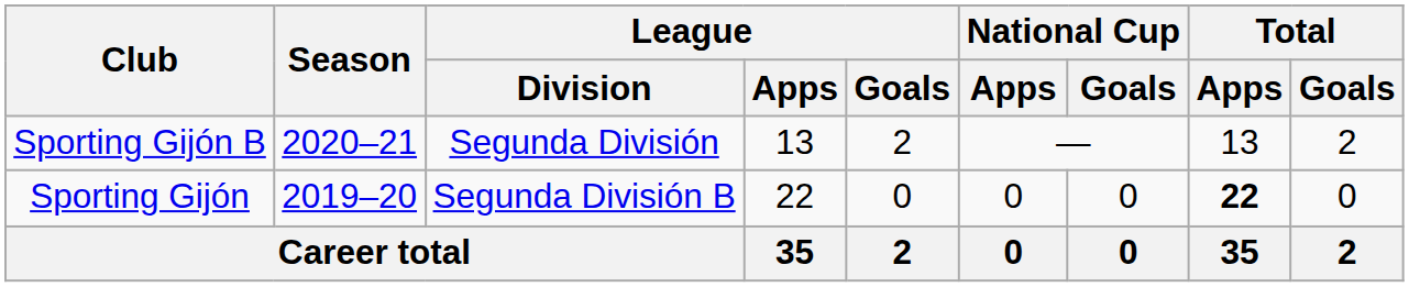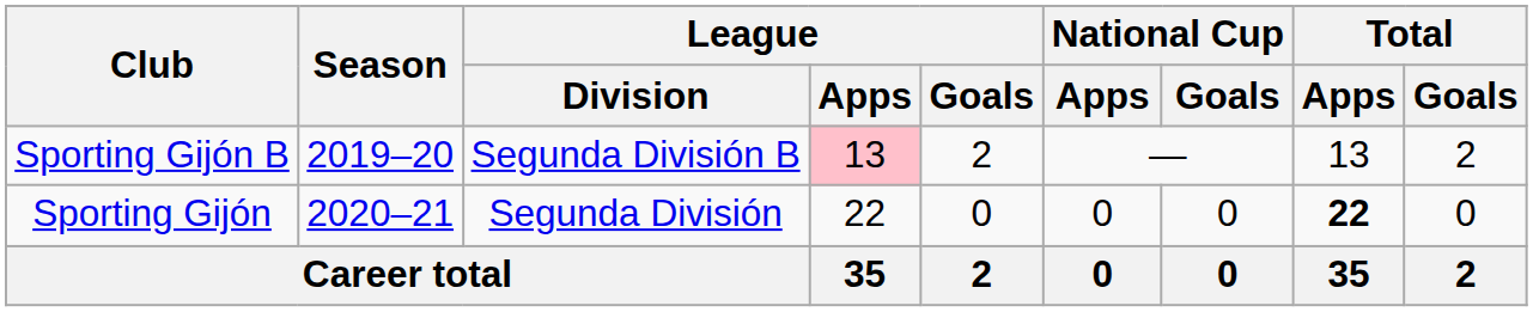 <table class="wikitable" style="text-align:center">
 <tr>
 <th rowspan="2">Club</th>
 <th rowspan="2">Season</th>
 <th colspan="3">League</th>
 <th colspan="2">National Cup</th>
 <th colspan="2">Total</th>
 </tr>
 <tr>
 <th>Division</th>
 <th>Apps</th>
 <th>Goals</th>
 <th>Apps</th>
 <th>Goals</th>
 <th>Apps</th>
 <th>Goals</th>
 </tr>
 <tr>
 <td><a href='#'>Sporting Gijón B</a></td>
-<td><a href='#'>2020–21</a></td>
-<td><a href='#'>Segunda División</a></td>
-<td>13</td>
+<td><a href='#'>2019–20</a></td>
+<td><a href='#'>Segunda División B</a></td>
+<td style="background: pink;">13</td>
 <td>2</td>
 <td colspan="2">—</td>
 <td>13</td>
 <td>2</td>
 </tr>
 <tr>
 <td><a href='#'>Sporting Gijón</a></td>
-<td><a href='#'>2019–20</a></td>
-<td><a href='#'>Segunda División B</a></td>
+<td><a href='#'>2020–21</a></td>
+<td><a href='#'>Segunda División</a></td>
 <td>22</td>
 <td>0</td>
 <td>0</td>
 <td>0</td>
 <td><strong>22</strong></td>
 <td>0</td>
 </tr>
 <tr>
 <th colspan="3">Career total</th>
 <th>35</th>
 <th>2</th>
 <th>0</th>
 <th>0</th>
 <th>35</th>
 <th>2</th>
 </tr>
 </table>
